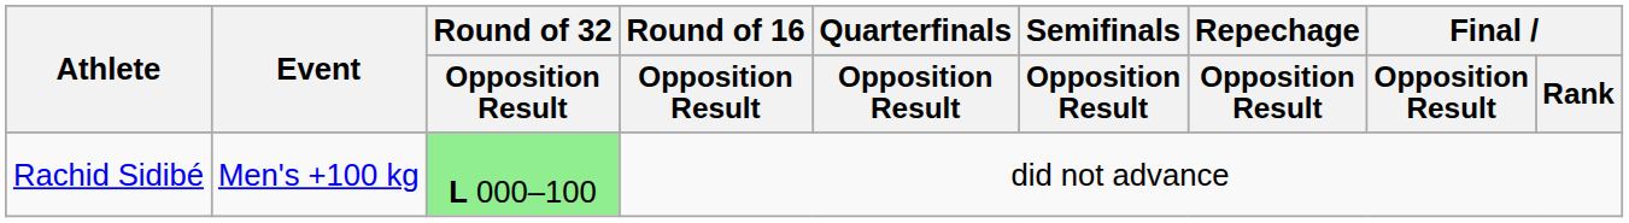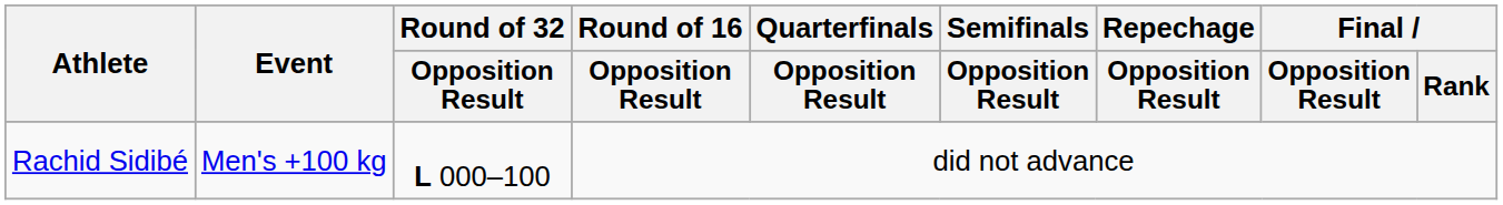 <table class="wikitable" style="font-size:90%">
 <tr>
 <th rowspan="2">Athlete</th>
 <th rowspan="2">Event</th>
 <th>Round of 32</th>
 <th>Round of 16</th>
 <th>Quarterfinals</th>
 <th>Semifinals</th>
 <th>Repechage</th>
 <th colspan=2>Final / </th>
 </tr>
 <tr style="font-size:95%">
 <th>Opposition<br>Result</th>
 <th>Opposition<br>Result</th>
 <th>Opposition<br>Result</th>
 <th>Opposition<br>Result</th>
 <th>Opposition<br>Result</th>
 <th>Opposition<br>Result</th>
 <th>Rank</th>
 </tr>
 <tr align=center>
 <td align=left><a href='#'>Rachid Sidibé</a></td>
 <td align=left><a href='#'>Men's +100 kg</a></td>
-<td style="background: lightgreen;"><br><strong>L</strong> 000–100</td>
+<td><br><strong>L</strong> 000–100</td>
 <td colspan=6>did not advance</td>
 </tr>
 </table>
